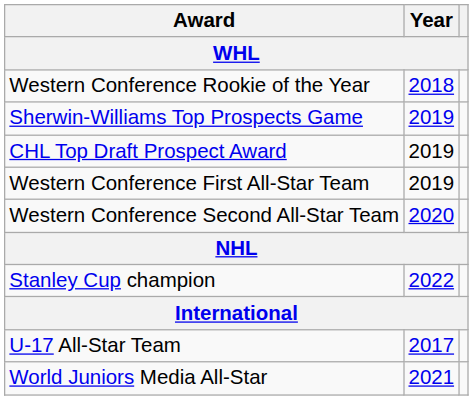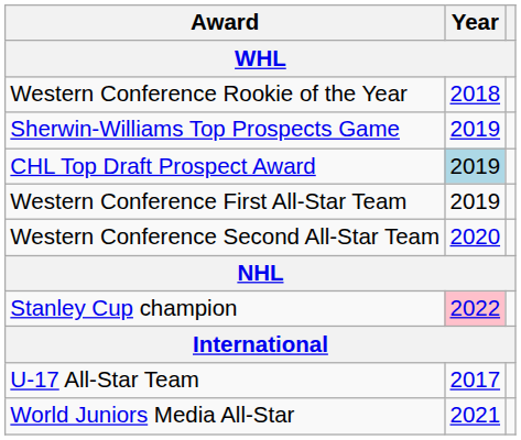 <table class="wikitable">
 <tr>
 <th>Award</th>
 <th>Year</th>
 <th></th>
 </tr>
 <tr>
 <th colspan="3"><a href='#'>WHL</a></th>
 </tr>
 <tr>
 <td>Western Conference Rookie of the Year</td>
 <td><a href='#'>2018</a></td>
 <td></td>
 </tr>
 <tr>
 <td><a href='#'>Sherwin-Williams Top Prospects Game</a></td>
 <td><a href='#'>2019</a></td>
 <td></td>
 </tr>
 <tr>
 <td><a href='#'>CHL Top Draft Prospect Award</a></td>
-<td>2019</td>
+<td style="background: lightblue;">2019</td>
 <td></td>
 </tr>
 <tr>
 <td>Western Conference First All-Star Team</td>
 <td>2019</td>
 <td></td>
 </tr>
 <tr>
 <td>Western Conference Second All-Star Team</td>
 <td><a href='#'>2020</a></td>
 <td></td>
 </tr>
 <tr>
 <th colspan="3"><a href='#'>NHL</a></th>
 </tr>
 <tr>
 <td><a href='#'>Stanley Cup</a> champion</td>
-<td><a href='#'>2022</a></td>
+<td style="background: pink;"><a href='#'>2022</a></td>
 <td></td>
 </tr>
 <tr>
 <th colspan="3"><a href='#'>International</a></th>
 </tr>
 <tr>
 <td><a href='#'>U-17</a> All-Star Team</td>
 <td><a href='#'>2017</a></td>
 <td></td>
 </tr>
 <tr>
 <td><a href='#'>World Juniors</a> Media All-Star</td>
 <td><a href='#'>2021</a></td>
 <td></td>
 </tr>
 </table>
